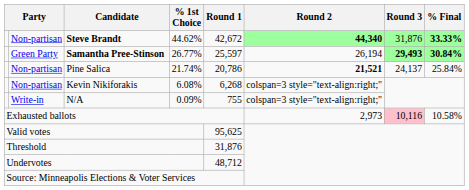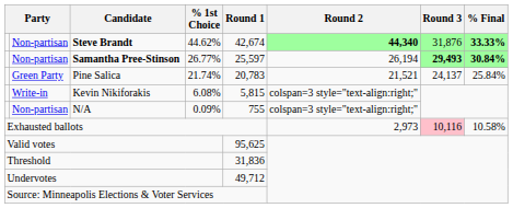 <table class="wikitable">
 <tr>
 <th colspan="2">Party</th>
 <th style="width:165px">Candidate</th>
 <th>% 1st<br>Choice</th>
 <th>Round 1</th>
 <th>Round 2</th>
 <th>Round 3</th>
 <th style="width:58px;">% Final</th>
 </tr>
 <tr>
 <td style="background-color:"></td>
 <td><a href='#'>Non-partisan</a></td>
 <td><strong>Steve Brandt</strong></td>
 <td align="right">44.62%</td>
-<td align="right">42,672</td>
+<td align="right">42,674</td>
 <td align="right" style="background: #9EFF9E; color: #000"><strong>44,340</strong></td>
 <td align="right" style="background: #9EFF9E; color: #000">31,876</td>
 <td align="right" style="background: #9EFF9E; color: #000"><strong>33.33%</strong></td>
 </tr>
 <tr>
 <td style="background-color:"></td>
-<td><a href='#'>Green Party</a></td>
+<td><a href='#'>Non-partisan</a></td>
 <td><strong>Samantha Pree-Stinson</strong></td>
 <td align="right">26.77%</td>
 <td align="right">25,597</td>
 <td align="right">26,194</td>
 <td align="right" style="background: #9EFF9E; color: #000"><strong>29,493</strong></td>
 <td align="right" style="background: #9EFF9E; color: #000"><strong>30.84%</strong></td>
 </tr>
 <tr>
 <td style="background-color:"></td>
-<td><a href='#'>Non-partisan</a></td>
+<td><a href='#'>Green Party</a></td>
 <td>Pine Salica</td>
 <td align="right">21.74%</td>
-<td align="right">20,786</td>
-<td align="right"><strong>21,521</strong></td>
+<td align="right">20,783</td>
+<td align="right">21,521</td>
 <td align="right">24,137</td>
 <td align="right">25.84%</td>
 </tr>
 <tr>
 <td style="background-color:"></td>
-<td><a href='#'>Non-partisan</a></td>
+<td><a href='#'>Write-in</a></td>
 <td>Kevin Nikiforakis</td>
 <td align="right">6.08%</td>
-<td align="right">6,268</td>
+<td align="right">5,815</td>
 <td>colspan=3 style="text-align:right;" </td>
 </tr>
 <tr>
 <td style="background-color:"></td>
-<td><a href='#'>Write-in</a></td>
+<td><a href='#'>Non-partisan</a></td>
 <td>N/A</td>
 <td align="right">0.09%</td>
 <td align="right">755</td>
 <td>colspan=3 style="text-align:right;" </td>
 </tr>
 <tr>
 <td colspan="5">Exhausted ballots</td>
 <td align="right">2,973</td>
 <td align="right" style="background: pink;">10,116</td>
 <td align="right">10.58%</td>
 </tr>
 <tr>
 <td colspan="4">Valid votes</td>
 <td align="right">95,625</td>
 <td colspan="3" rowspan="4"></td>
 </tr>
 <tr>
 <td colspan="4">Threshold</td>
-<td align="right">31,876</td>
+<td align="right">31,836</td>
 </tr>
 <tr>
 <td colspan="4">Undervotes</td>
-<td align="right">48,712</td>
+<td align="right">49,712</td>
 </tr>
 <tr>
 <td colspan="8">Source: Minneapolis Elections & Voter Services</td>
 </tr>
 </table>
